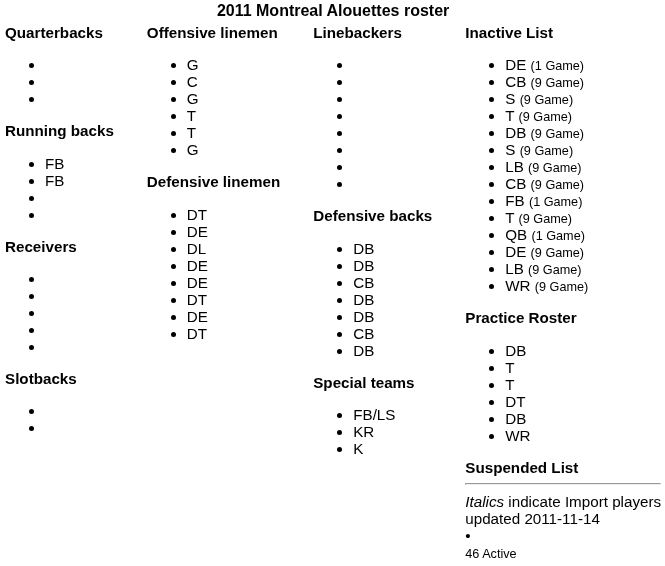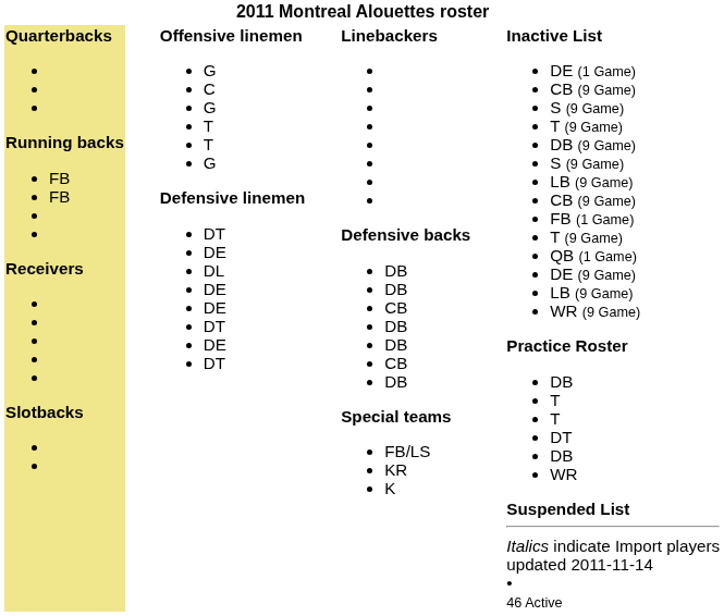 <table class="toccolours" style="text-align: left;">
 <tr>
 <th colspan="7" style="text-align:center; ">2011 Montreal Alouettes roster</th>
 </tr>
 <tr>
-<td style="font-size: 95%;" valign="top"><strong>Quarterbacks</strong><br><ul><li></li><li></li><li></li></ul><strong>Running backs</strong><ul><li> FB</li><li> FB</li><li></li><li></li></ul><strong>Receivers</strong><ul><li></li><li></li><li></li><li></li><li></li></ul><strong>Slotbacks</strong><ul><li></li><li></li></ul></td>
+<td style="background: khaki; font-size: 95%;" valign="top"><strong>Quarterbacks</strong><br><ul><li></li><li></li><li></li></ul><strong>Running backs</strong><ul><li> FB</li><li> FB</li><li></li><li></li></ul><strong>Receivers</strong><ul><li></li><li></li><li></li><li></li><li></li></ul><strong>Slotbacks</strong><ul><li></li><li></li></ul></td>
 <td style="width: 25px;"></td>
 <td style="font-size: 95%;" valign="top"><strong>Offensive linemen</strong><br><ul><li> G</li><li> C</li><li> G</li><li> T</li><li> T</li><li> G</li></ul><strong>Defensive linemen</strong><ul><li> DT</li><li> DE</li><li> DL</li><li> DE</li><li> DE</li><li> DT</li><li> DE</li><li> DT</li></ul></td>
 <td style="width: 25px;"></td>
 <td style="font-size: 95%;" valign="top"><strong>Linebackers</strong><br><ul><li></li><li></li><li></li><li></li><li></li><li></li><li></li><li></li></ul><strong>Defensive backs</strong><ul><li> DB</li><li> DB</li><li> CB</li><li> DB</li><li> DB</li><li> CB</li><li> DB</li></ul><strong>Special teams</strong><ul><li> FB/LS</li><li> KR</li><li> K</li></ul></td>
 <td style="width: 25px;"></td>
 <td style="font-size: 95%;" valign="top"><strong>Inactive List</strong><br><ul><li> DE  <small>(1 Game)</small></li><li> CB  <small>(9 Game)</small></li><li> S  <small>(9 Game)</small></li><li> T  <small>(9 Game)</small></li><li> DB  <small>(9 Game)</small></li><li> S  <small>(9 Game)</small></li><li> LB  <small>(9 Game)</small></li><li> CB  <small>(9 Game)</small></li><li> FB  <small>(1 Game)</small></li><li> T  <small>(9 Game)</small></li><li> QB  <small>(1 Game)</small></li><li> DE  <small>(9 Game)</small></li><li> LB  <small>(9 Game)</small></li><li> WR  <small>(9 Game)</small></li></ul><strong>Practice Roster</strong><ul><li> DB</li><li> T</li><li> T</li><li> DT</li><li> DB</li><li> WR</li></ul><strong>Suspended List</strong><br><hr> <em>Italics</em> indicate Import players<br> <span></span> updated 2011-11-14<br> <span></span> • <span></span><br> <small>46 Active</small></td>
 </tr>
 <tr>
 </tr>
 </table>
